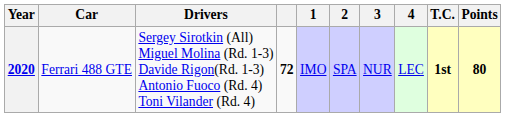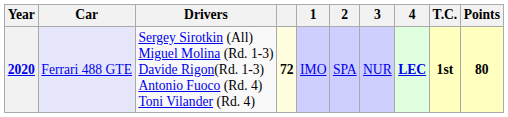 <table class="wikitable" style="text-align:center; font-size:85%">
 <tr>
 <th>Year</th>
 <th>Car</th>
 <th>Drivers</th>
 <th></th>
 <th>1</th>
 <th>2</th>
 <th>3</th>
 <th>4</th>
 <th>T.C.</th>
 <th>Points</th>
 </tr>
 <tr>
 <th><a href='#'>2020</a></th>
-<td><a href='#'>Ferrari 488 GTE</a></td>
+<td style="background: lavender;"><a href='#'>Ferrari 488 GTE</a></td>
 <td align="left" style="border-left:0px"> <a href='#'>Sergey Sirotkin</a> (All)<br> <a href='#'>Miguel Molina</a> (Rd. 1-3)<br> <a href='#'>Davide Rigon</a>(Rd. 1-3)<br> <a href='#'>Antonio Fuoco</a> (Rd. 4)<br> <a href='#'>Toni Vilander</a> (Rd. 4)</td>
-<td><strong>72</strong></td>
+<td style="background: lightyellow;"><strong>72</strong></td>
 <td style="background:#CFCFFF;"><a href='#'>IMO</a><br></td>
 <td style="background:#CFCFFF;"><a href='#'>SPA</a><br></td>
 <td style="background:#CFCFFF;"><a href='#'>NUR</a><br></td>
-<td style="background:#DFFFDF;"><a href='#'>LEC</a><br></td>
+<td style="background:#DFFFDF;"><strong><a href='#'>LEC</a><br></strong></td>
 <th style="background:#FFFFBF">1st</th>
 <th style="background:#FFFFBF">80</th>
 </tr>
 </table>
